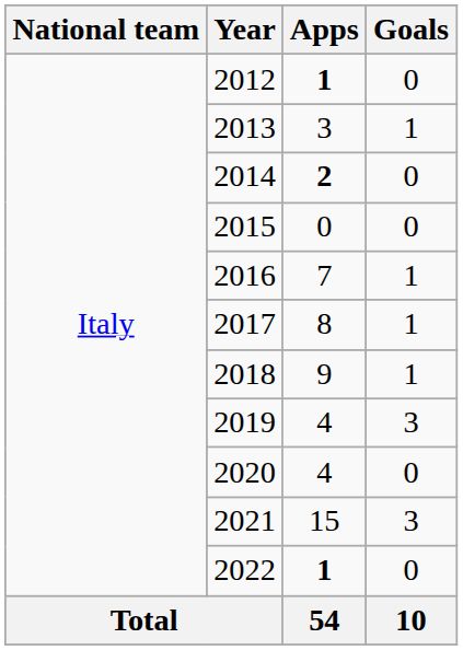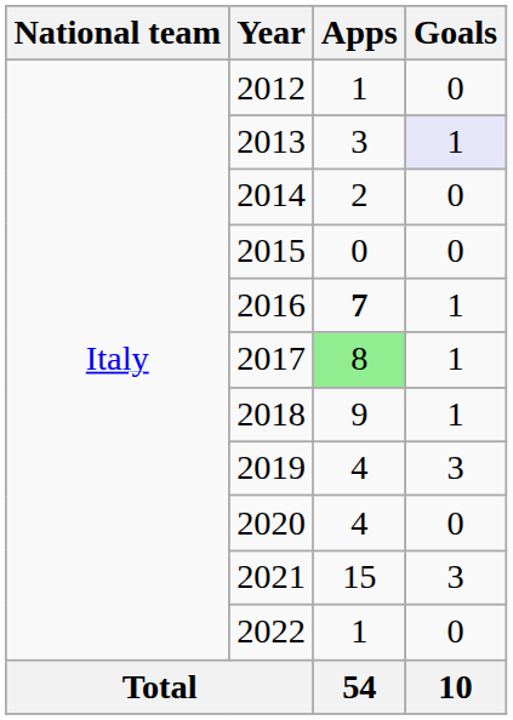 <table class="wikitable" style="text-align:center">
 <tr>
 <th>National team</th>
 <th>Year</th>
 <th>Apps</th>
 <th>Goals</th>
 </tr>
 <tr>
 <td rowspan="11"><a href='#'>Italy</a></td>
 <td>2012</td>
-<td><strong>1</strong></td>
+<td>1</td>
 <td>0</td>
 </tr>
 <tr>
 <td>2013</td>
 <td>3</td>
-<td>1</td>
+<td style="background: lavender;">1</td>
 </tr>
 <tr>
 <td>2014</td>
-<td><strong>2</strong></td>
+<td>2</td>
 <td>0</td>
 </tr>
 <tr>
 <td>2015</td>
 <td>0</td>
 <td>0</td>
 </tr>
 <tr>
 <td>2016</td>
-<td>7</td>
+<td><strong>7</strong></td>
 <td>1</td>
 </tr>
 <tr>
 <td>2017</td>
-<td>8</td>
+<td style="background: lightgreen;">8</td>
 <td>1</td>
 </tr>
 <tr>
 <td>2018</td>
 <td>9</td>
 <td>1</td>
 </tr>
 <tr>
 <td>2019</td>
 <td>4</td>
 <td>3</td>
 </tr>
 <tr>
 <td>2020</td>
 <td>4</td>
 <td>0</td>
 </tr>
 <tr>
 <td>2021</td>
 <td>15</td>
 <td>3</td>
 </tr>
 <tr>
 <td>2022</td>
-<td><strong>1</strong></td>
+<td>1</td>
 <td>0</td>
 </tr>
 <tr>
 <th colspan="2">Total</th>
 <th>54</th>
 <th>10</th>
 </tr>
 </table>
